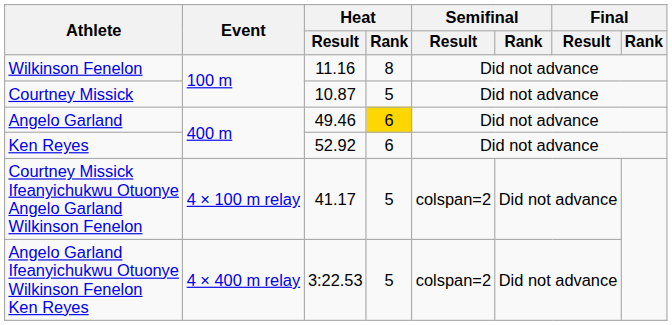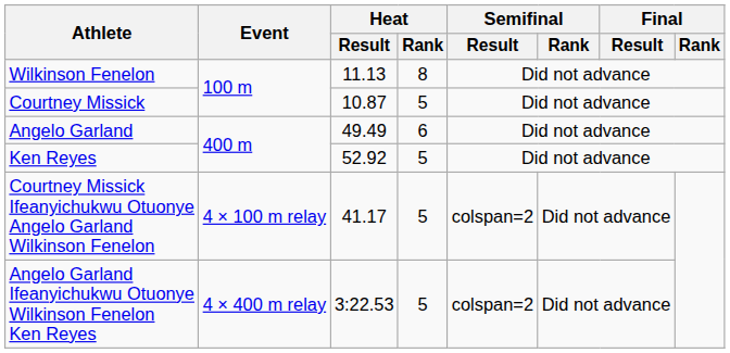 <table class="wikitable" style="font-size:90%; text-align:center">
 <tr>
 <th rowspan=2>Athlete</th>
 <th rowspan=2>Event</th>
 <th colspan=2>Heat</th>
 <th colspan=2>Semifinal</th>
 <th colspan=2>Final</th>
 </tr>
 <tr style="font-size:95%">
 <th>Result</th>
 <th>Rank</th>
 <th>Result</th>
 <th>Rank</th>
 <th>Result</th>
 <th>Rank</th>
 </tr>
 <tr>
 <td align=left><a href='#'>Wilkinson Fenelon</a></td>
 <td align=left rowspan=2><a href='#'>100 m</a></td>
-<td>11.16</td>
+<td>11.13</td>
 <td>8</td>
 <td colspan=4>Did not advance</td>
 </tr>
 <tr>
 <td align=left><a href='#'>Courtney Missick</a></td>
 <td>10.87</td>
 <td>5</td>
 <td colspan=4>Did not advance</td>
 </tr>
 <tr>
 <td align=left><a href='#'>Angelo Garland</a></td>
 <td align=left rowspan=2><a href='#'>400 m</a></td>
-<td>49.46</td>
-<td style="background: gold;">6</td>
+<td>49.49</td>
+<td>6</td>
 <td colspan="4">Did not advance</td>
 </tr>
 <tr>
 <td align=left><a href='#'>Ken Reyes</a></td>
 <td>52.92</td>
-<td>6</td>
+<td>5</td>
 <td colspan="4">Did not advance</td>
 </tr>
 <tr>
 <td align=left><a href='#'>Courtney Missick</a><br><a href='#'>Ifeanyichukwu Otuonye</a><br><a href='#'>Angelo Garland</a><br><a href='#'>Wilkinson Fenelon</a></td>
 <td align=left><a href='#'>4 × 100 m relay</a></td>
 <td>41.17</td>
 <td>5</td>
 <td>colspan=2 </td>
 <td colspan="2">Did not advance</td>
 </tr>
 <tr>
 <td align=left><a href='#'>Angelo Garland</a><br><a href='#'>Ifeanyichukwu Otuonye</a><br><a href='#'>Wilkinson Fenelon</a><br><a href='#'>Ken Reyes</a></td>
 <td align=left><a href='#'>4 × 400 m relay</a></td>
 <td>3:22.53</td>
 <td>5</td>
 <td>colspan=2 </td>
 <td colspan="2">Did not advance</td>
 </tr>
 </table>
